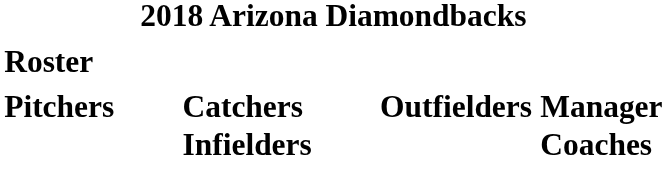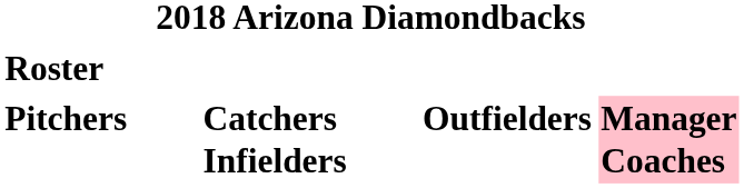 <table class="toccolours" style="font-size: 95%;">
 <tr>
 <th colspan="10">2018 Arizona Diamondbacks</th>
 </tr>
 <tr>
 <td colspan="10"><strong>Roster</strong></td>
 </tr>
 <tr>
 <td valign="top"><strong>Pitchers</strong><br>                          </td>
 <td width="25px"></td>
 <td valign="top"><strong>Catchers</strong><br>    <strong>Infielders</strong>         </td>
 <td width="25px"></td>
 <td valign="top"><strong>Outfielders</strong><br>        </td>
-<td valign="top"><strong>Manager</strong><br> <strong>Coaches</strong>                      </td>
+<td valign="top" style="background: pink;"><strong>Manager</strong><br> <strong>Coaches</strong>                      </td>
 </tr>
 <tr>
 </tr>
 </table>
